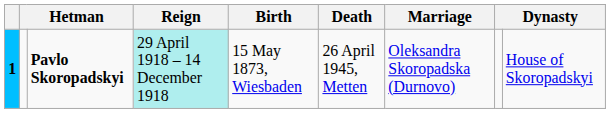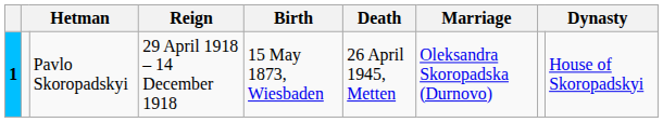 <table class="wikitable">
 <tr>
 <th></th>
 <th colspan="2">Hetman</th>
 <th>Reign</th>
 <th>Birth</th>
 <th>Death</th>
 <th><strong>Marriage</strong></th>
 <th colspan="2">Dynasty</th>
 </tr>
 <tr>
 <th style="background:#00BFFF; color:black">1</th>
 <td></td>
-<td><strong>Pavlo Skoropadskyi</strong></td>
-<td style="background: paleturquoise;">29 April 1918 – 14 December 1918</td>
+<td>Pavlo Skoropadskyi</td>
+<td>29 April 1918 – 14 December 1918</td>
 <td>15 May 1873, <a href='#'>Wiesbaden</a></td>
 <td>26 April 1945, <a href='#'>Metten</a></td>
 <td> <a href='#'>Oleksandra Skoropadska (Durnovo)</a></td>
 <td></td>
 <td><a href='#'>House of Skoropadskyi</a></td>
 </tr>
 </table>
